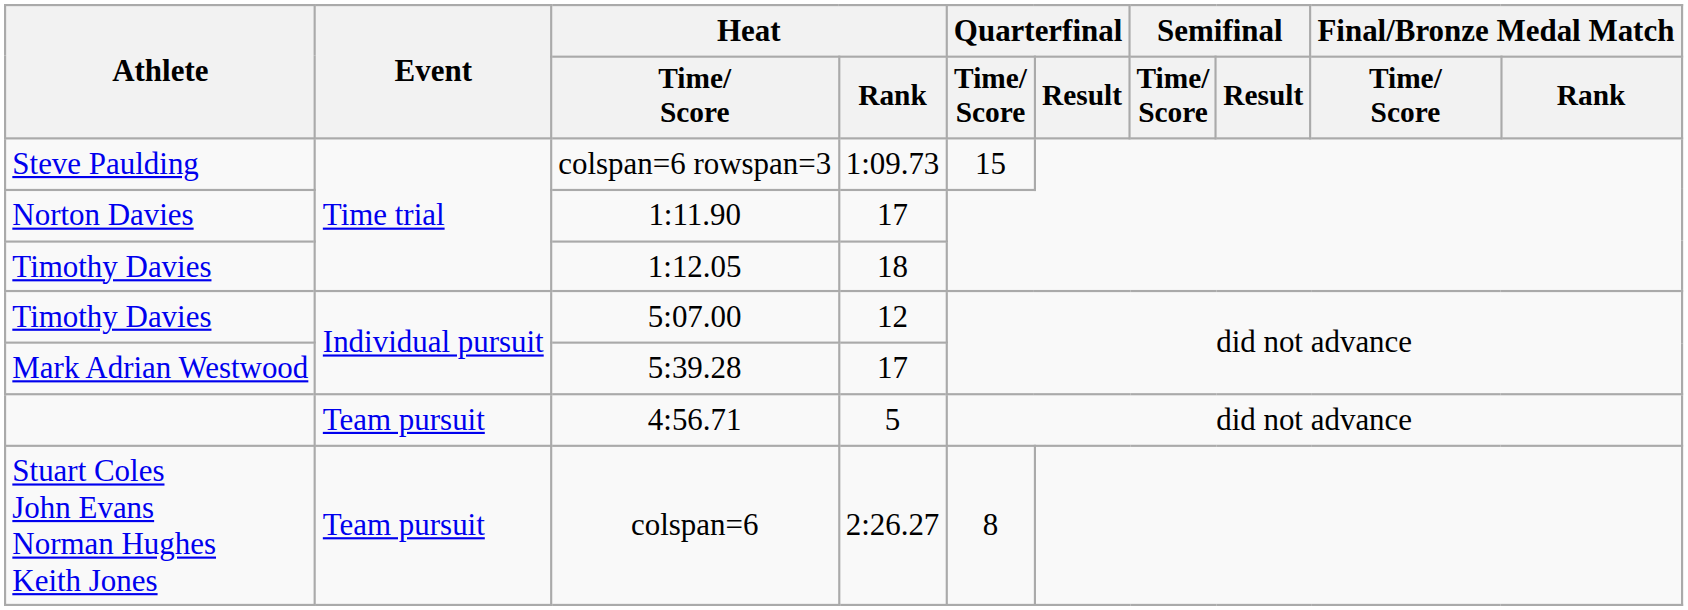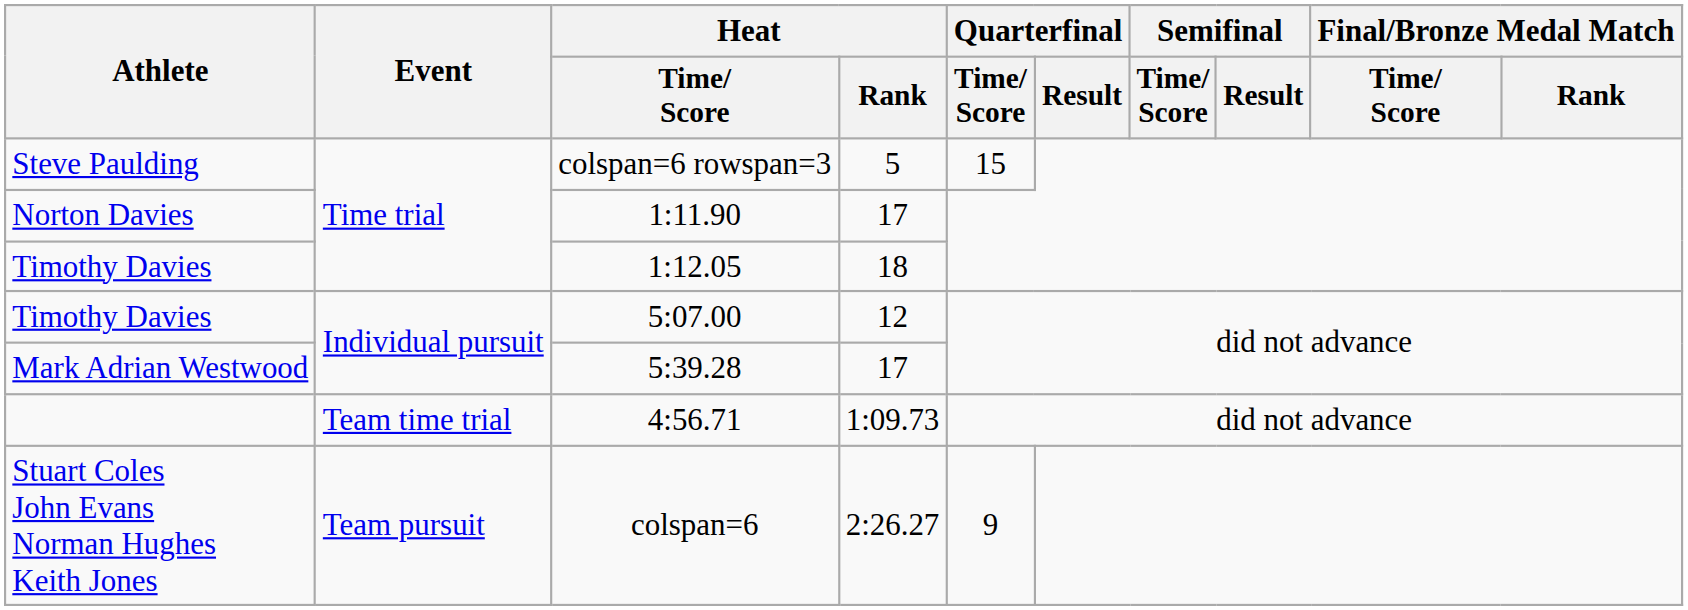 <table class=wikitable style=font-size:90%>
 <tr>
 <th rowspan=2>Athlete</th>
 <th rowspan=2>Event</th>
 <th colspan=2>Heat</th>
 <th colspan=2>Quarterfinal</th>
 <th colspan=2>Semifinal</th>
 <th colspan=2>Final/Bronze Medal Match</th>
 </tr>
 <tr style=font-size:95%>
 <th>Time/<br>Score</th>
 <th>Rank</th>
 <th>Time/<br>Score</th>
 <th>Result</th>
 <th>Time/<br>Score</th>
 <th>Result</th>
 <th>Time/<br>Score</th>
 <th>Rank</th>
 </tr>
 <tr align=center>
 <td align=left><a href='#'>Steve Paulding</a></td>
 <td align=left rowspan=3><a href='#'>Time trial</a></td>
 <td>colspan=6 rowspan=3 </td>
-<td>1:09.73</td>
+<td>5</td>
 <td>15</td>
 </tr>
 <tr align=center>
 <td align=left><a href='#'>Norton Davies</a></td>
 <td>1:11.90</td>
 <td>17</td>
 </tr>
 <tr align=center>
 <td align=left><a href='#'>Timothy Davies</a></td>
 <td>1:12.05</td>
 <td>18</td>
 </tr>
 <tr align=center>
 <td align=left><a href='#'>Timothy Davies</a></td>
 <td align=left rowspan=2><a href='#'>Individual pursuit</a></td>
 <td>5:07.00</td>
 <td>12</td>
 <td colspan=6 rowspan=2>did not advance</td>
 </tr>
 <tr align=center>
 <td align=left><a href='#'>Mark Adrian Westwood</a></td>
 <td>5:39.28</td>
 <td>17</td>
 </tr>
 <tr align=center>
 <td align=left></td>
-<td align=left><a href='#'>Team pursuit</a></td>
+<td align=left><a href='#'>Team time trial</a></td>
 <td>4:56.71</td>
-<td>5</td>
+<td>1:09.73</td>
 <td colspan=6>did not advance</td>
 </tr>
 <tr align=center>
 <td align=left><a href='#'>Stuart Coles</a><br><a href='#'>John Evans</a><br><a href='#'>Norman Hughes</a><br><a href='#'>Keith Jones</a></td>
 <td align=left><a href='#'>Team pursuit</a></td>
 <td>colspan=6 </td>
 <td>2:26.27</td>
-<td>8</td>
+<td>9</td>
 </tr>
 </table>
